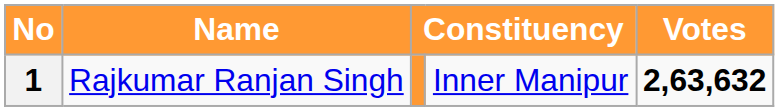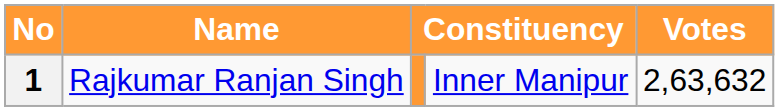 <table class="wikitable sortable">
 <tr>
 <th style="background-color:#FF9933; color:white">No</th>
 <th style="background-color:#FF9933; color:white">Name</th>
 <th colspan="2" style="background-color:#FF9933; color:white">Constituency</th>
 <th style="background-color:#FF9933; color:white">Votes</th>
 </tr>
 <tr style="text-align:center;">
 <th>1</th>
 <td><a href='#'>Rajkumar Ranjan Singh</a></td>
 <td rowspan=9 bgcolor=#FF9933></td>
 <td><a href='#'>Inner Manipur</a></td>
-<td><strong>2,63,632</strong></td>
+<td>2,63,632</td>
 </tr>
 </table>
